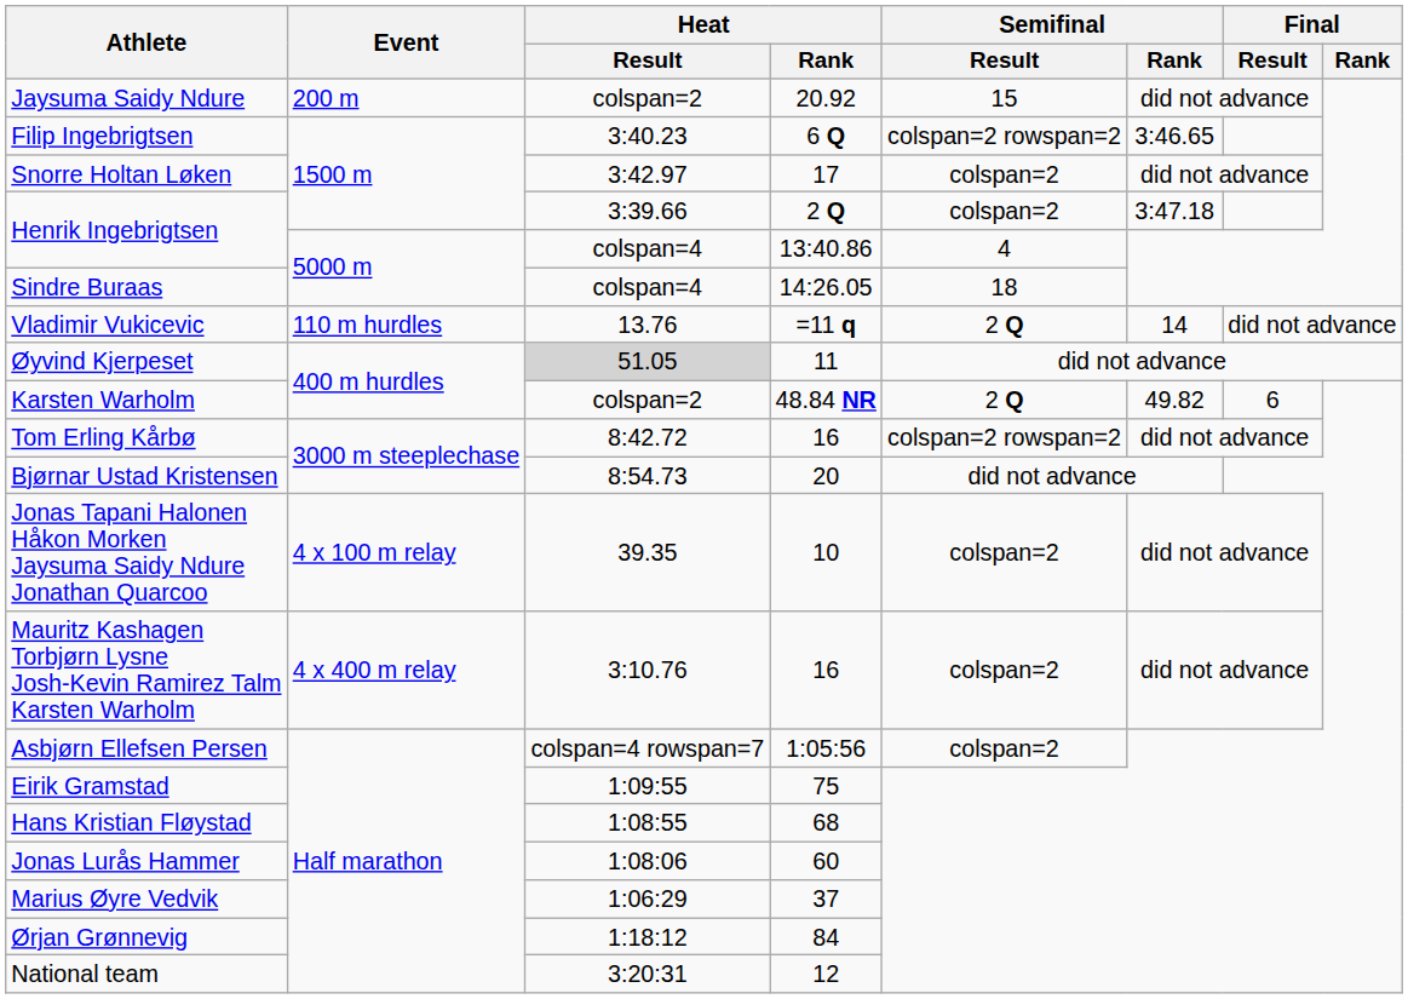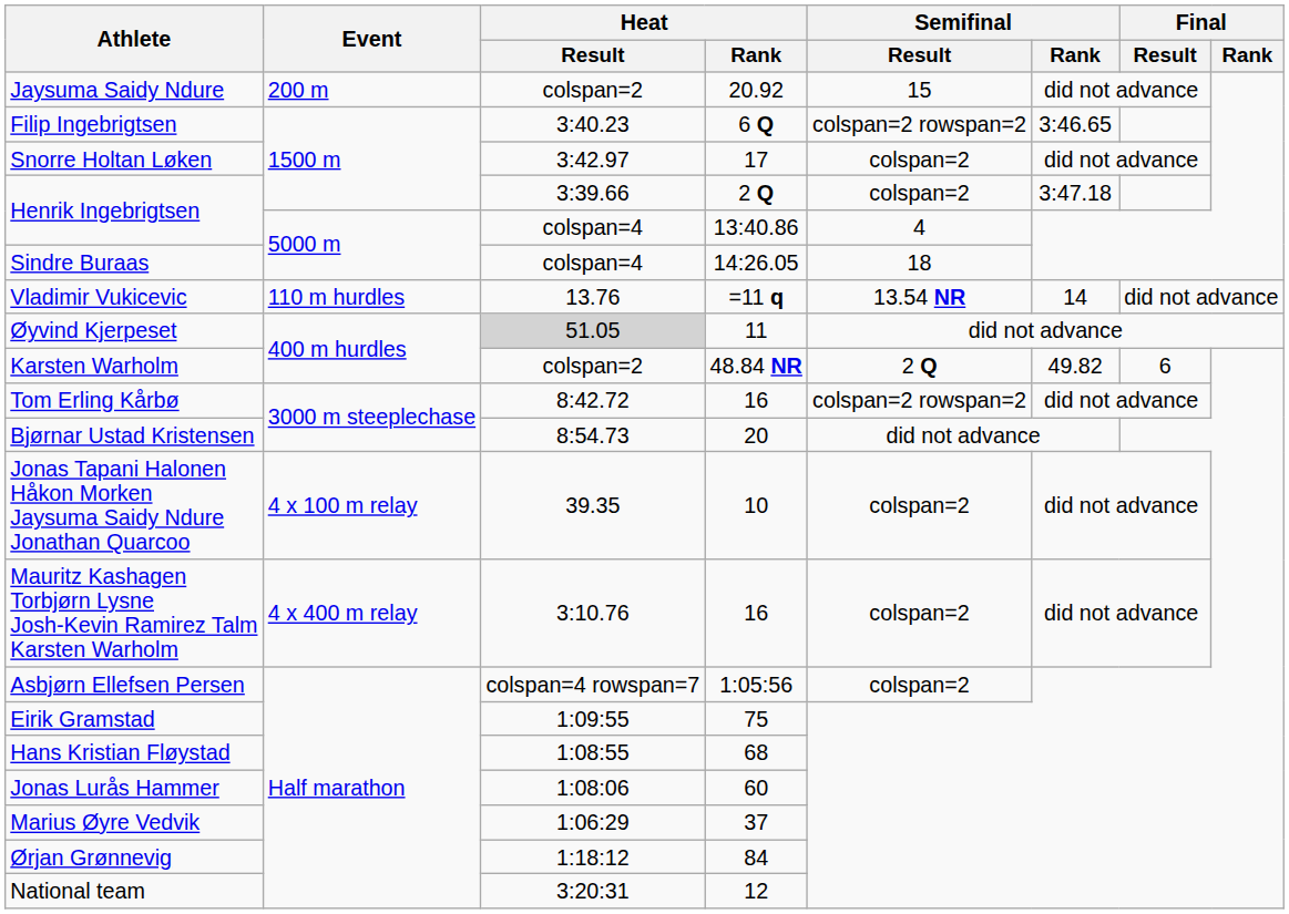 <table class="wikitable" style="font-size:90%">
 <tr>
 <th rowspan=2>Athlete</th>
 <th rowspan=2>Event</th>
 <th colspan=2>Heat</th>
 <th colspan=2>Semifinal</th>
 <th colspan=2>Final</th>
 </tr>
 <tr style="font-size:95%">
 <th>Result</th>
 <th>Rank</th>
 <th>Result</th>
 <th>Rank</th>
 <th>Result</th>
 <th>Rank</th>
 </tr>
 <tr align=center>
 <td align=left><a href='#'>Jaysuma Saidy Ndure</a></td>
 <td style="text-align:left;"><a href='#'>200 m</a></td>
 <td>colspan=2 </td>
 <td>20.92</td>
 <td>15</td>
 <td colspan=2>did not advance</td>
 </tr>
 <tr align=center>
 <td align=left><a href='#'>Filip Ingebrigtsen</a></td>
 <td style="text-align:left;" rowspan=3><a href='#'>1500 m</a></td>
 <td>3:40.23</td>
 <td>6 <strong>Q</strong></td>
 <td>colspan=2 rowspan=2 </td>
 <td>3:46.65</td>
 <td></td>
 </tr>
 <tr align=center>
 <td align=left><a href='#'>Snorre Holtan Løken</a></td>
 <td>3:42.97</td>
 <td>17</td>
 <td>colspan=2 </td>
 <td colspan=2>did not advance</td>
 </tr>
 <tr align=center>
 <td align=left rowspan=2><a href='#'>Henrik Ingebrigtsen</a></td>
 <td>3:39.66</td>
 <td>2 <strong>Q</strong></td>
 <td>colspan=2 </td>
 <td>3:47.18</td>
 <td></td>
 </tr>
 <tr align=center>
 <td style="text-align:left;" rowspan=2><a href='#'>5000 m</a></td>
 <td>colspan=4 </td>
 <td>13:40.86</td>
 <td>4</td>
 </tr>
 <tr align=center>
 <td align=left><a href='#'>Sindre Buraas</a></td>
 <td>colspan=4 </td>
 <td>14:26.05</td>
 <td>18</td>
 </tr>
 <tr align=center>
 <td align=left><a href='#'>Vladimir Vukicevic</a></td>
 <td style="text-align:left;"><a href='#'>110 m hurdles</a></td>
 <td>13.76</td>
 <td>=11 <strong>q</strong></td>
-<td>2 <strong>Q</strong></td>
+<td>13.54 <strong><a href='#'>NR</a></strong></td>
 <td>14</td>
 <td colspan=2>did not advance</td>
 </tr>
 <tr align=center>
 <td align=left><a href='#'>Øyvind Kjerpeset</a></td>
 <td style="text-align:left;" rowspan=2><a href='#'>400 m hurdles</a></td>
 <td style="background: lightgrey;">51.05</td>
 <td>11</td>
 <td colspan=4>did not advance</td>
 </tr>
 <tr align=center>
 <td align=left><a href='#'>Karsten Warholm</a></td>
 <td>colspan=2 </td>
 <td>48.84 <strong><a href='#'>NR</a></strong></td>
 <td>2 <strong>Q</strong></td>
 <td>49.82</td>
 <td>6</td>
 </tr>
 <tr align=center>
 <td align=left><a href='#'>Tom Erling Kårbø</a></td>
 <td style="text-align:left;" rowspan=2><a href='#'>3000 m steeplechase</a></td>
 <td>8:42.72</td>
 <td>16</td>
 <td>colspan=2 rowspan=2 </td>
 <td colspan=2>did not advance</td>
 </tr>
 <tr align=center>
 <td align=left><a href='#'>Bjørnar Ustad Kristensen</a></td>
 <td>8:54.73</td>
 <td>20</td>
 <td colspan=2>did not advance</td>
 </tr>
 <tr align=center>
 <td align=left><a href='#'>Jonas Tapani Halonen</a><br><a href='#'>Håkon Morken</a><br><a href='#'>Jaysuma Saidy Ndure</a><br><a href='#'>Jonathan Quarcoo</a></td>
 <td style="text-align:left;"><a href='#'>4 x 100 m relay</a></td>
 <td>39.35 <strong></strong></td>
 <td>10</td>
 <td>colspan=2 </td>
 <td colspan=2>did not advance</td>
 </tr>
 <tr align=center>
 <td align=left><a href='#'>Mauritz Kashagen</a><br><a href='#'>Torbjørn Lysne</a><br><a href='#'>Josh-Kevin Ramirez Talm</a><br><a href='#'>Karsten Warholm</a></td>
 <td style="text-align:left;"><a href='#'>4 x 400 m relay</a></td>
 <td>3:10.76 <strong></strong></td>
 <td>16</td>
 <td>colspan=2 </td>
 <td colspan=2>did not advance</td>
 </tr>
 <tr align=center>
 <td align=left><a href='#'>Asbjørn Ellefsen Persen</a></td>
 <td style="text-align:left;" rowspan=7><a href='#'>Half marathon</a></td>
 <td>colspan=4 rowspan=7 </td>
 <td>1:05:56</td>
 <td>colspan=2 </td>
 </tr>
 <tr align=center>
 <td align=left><a href='#'>Eirik Gramstad</a></td>
 <td>1:09:55</td>
 <td>75</td>
 </tr>
 <tr align=center>
 <td align=left><a href='#'>Hans Kristian Fløystad</a></td>
 <td>1:08:55</td>
 <td>68</td>
 </tr>
 <tr align=center>
 <td align=left><a href='#'>Jonas Lurås Hammer</a></td>
 <td>1:08:06</td>
 <td>60</td>
 </tr>
 <tr align=center>
 <td align=left><a href='#'>Marius Øyre Vedvik</a></td>
 <td>1:06:29</td>
 <td>37</td>
 </tr>
 <tr align=center>
 <td align=left><a href='#'>Ørjan Grønnevig</a></td>
 <td>1:18:12</td>
 <td>84</td>
 </tr>
 <tr align=center>
 <td align=left>National team</td>
 <td>3:20:31</td>
 <td>12</td>
 </tr>
 </table>
